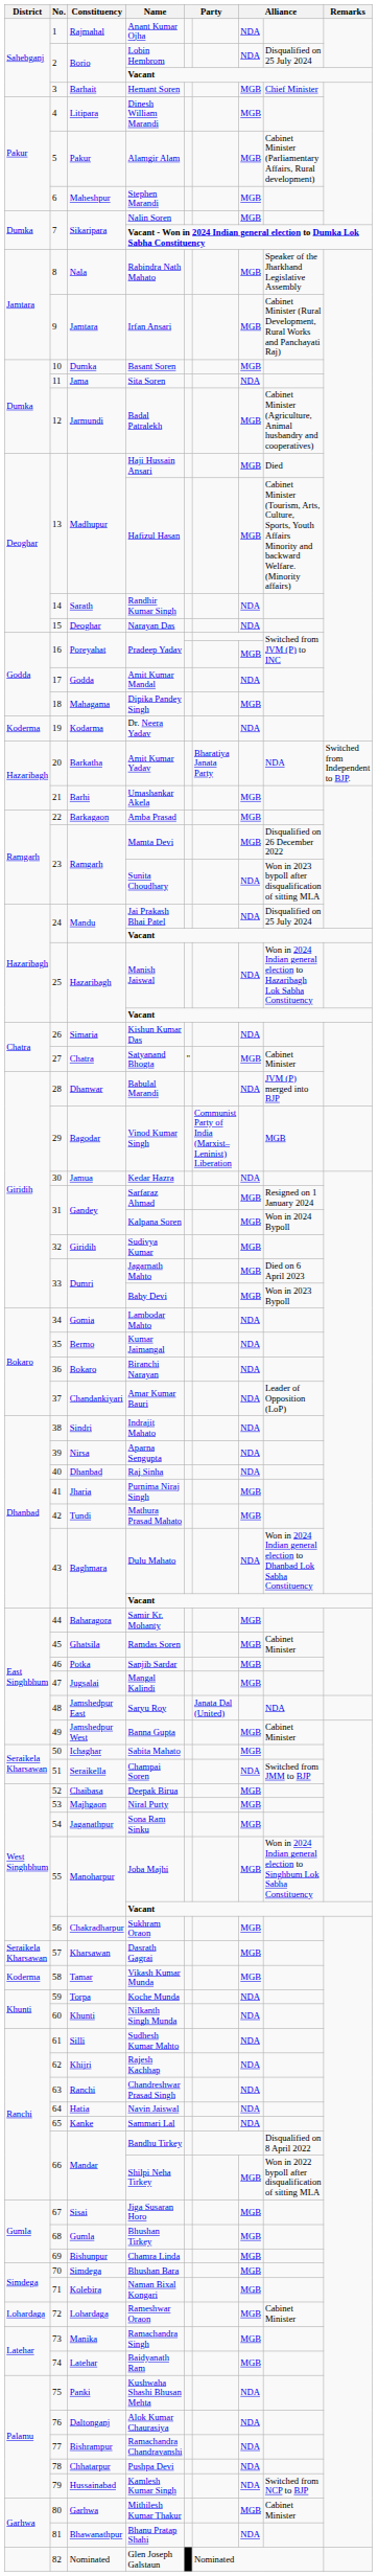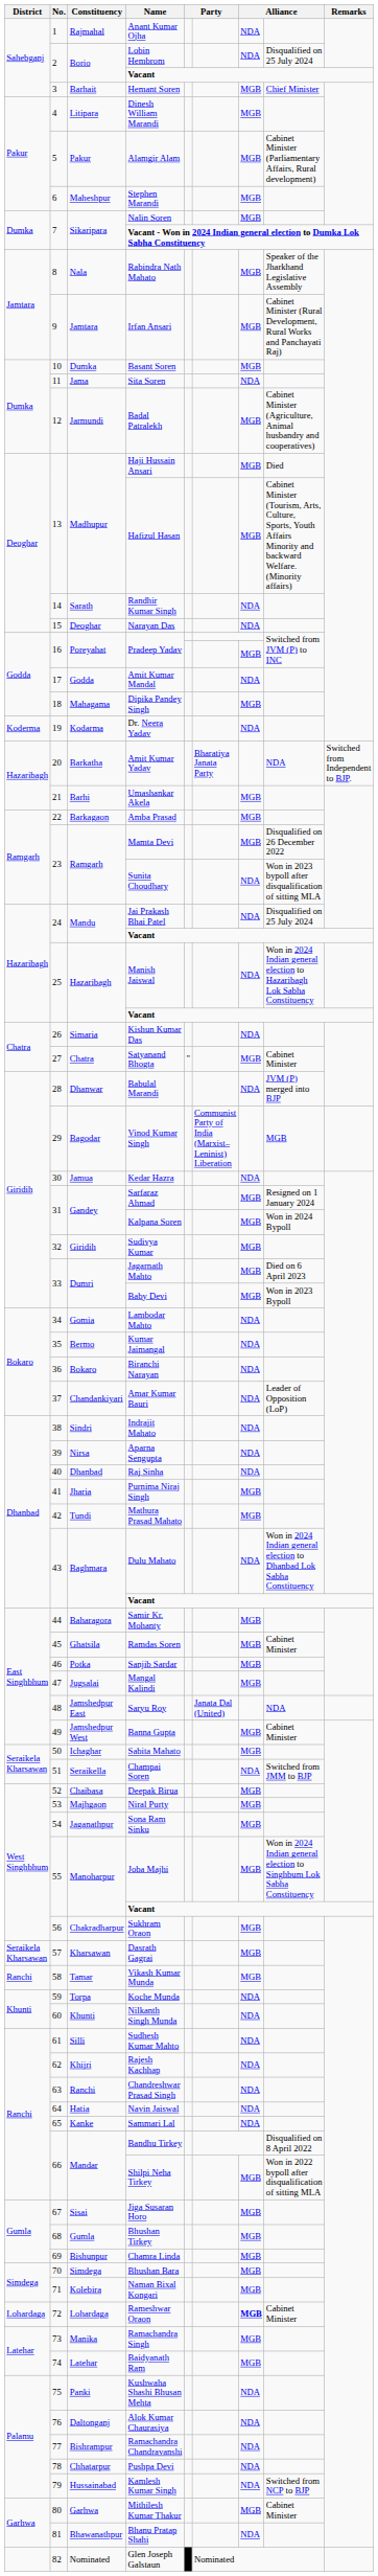 <table class="wikitable sortable">
 <tr>
 <th>District</th>
 <th>No.</th>
 <th>Constituency</th>
 <th>Name</th>
 <th colspan="2">Party</th>
 <th colspan=2>Alliance</th>
 <th>Remarks</th>
 </tr>
 <tr>
 <td rowspan="4"><a href='#'>Sahebganj</a></td>
 <td>1</td>
 <td><a href='#'>Rajmahal</a></td>
 <td><a href='#'>Anant Kumar Ojha</a></td>
 <td></td>
 <td></td>
 <td><a href='#'>NDA</a></td>
 <td></td>
 </tr>
 <tr>
 <td rowspan=2>2</td>
 <td rowspan=2><a href='#'>Borio</a></td>
 <td><a href='#'>Lobin Hembrom</a></td>
 <td></td>
 <td></td>
 <td><a href='#'>NDA</a></td>
 <td>Disqualified on 25 July 2024</td>
 </tr>
 <tr>
 <td Colspan=6><strong>Vacant</strong></td>
 </tr>
 <tr>
 <td>3</td>
 <td><a href='#'>Barhait</a></td>
 <td><a href='#'>Hemant Soren</a></td>
 <td></td>
 <td></td>
 <td><a href='#'>MGB</a></td>
 <td><a href='#'>Chief Minister</a></td>
 </tr>
 <tr>
 <td rowspan="3"><a href='#'>Pakur</a></td>
 <td>4</td>
 <td><a href='#'>Litipara</a></td>
 <td><a href='#'>Dinesh William Marandi</a></td>
 <td></td>
 <td></td>
 <td><a href='#'>MGB</a></td>
 <td></td>
 </tr>
 <tr>
 <td>5</td>
 <td><a href='#'>Pakur</a></td>
 <td><a href='#'>Alamgir Alam</a></td>
 <td></td>
 <td></td>
 <td><a href='#'>MGB</a></td>
 <td>Cabinet Minister (Parliamentary Affairs, Rural development)</td>
 </tr>
 <tr>
 <td>6</td>
 <td><a href='#'>Maheshpur</a></td>
 <td><a href='#'>Stephen Marandi</a></td>
 <td></td>
 <td></td>
 <td><a href='#'>MGB</a></td>
 <td></td>
 </tr>
 <tr>
 <td rowspan="2"><a href='#'>Dumka</a></td>
 <td rowspan=2>7</td>
 <td rowspan=2><a href='#'>Sikaripara</a></td>
 <td><a href='#'>Nalin Soren</a></td>
 <td></td>
 <td></td>
 <td><a href='#'>MGB</a></td>
 <td></td>
 </tr>
 <tr>
 <td Colspan=6><strong>Vacant - Won in <a href='#'>2024 Indian general election</a> to <a href='#'>Dumka Lok Sabha Constituency</a></strong></td>
 </tr>
 <tr>
 <td rowspan="2"><a href='#'>Jamtara</a></td>
 <td>8</td>
 <td><a href='#'>Nala</a></td>
 <td><a href='#'>Rabindra Nath Mahato</a></td>
 <td></td>
 <td></td>
 <td><a href='#'>MGB</a></td>
 <td>Speaker of the Jharkhand Legislative Assembly</td>
 </tr>
 <tr>
 <td>9</td>
 <td><a href='#'>Jamtara</a></td>
 <td><a href='#'>Irfan Ansari</a></td>
 <td></td>
 <td></td>
 <td><a href='#'>MGB</a></td>
 <td>Cabinet Minister (Rural Development, Rural Works and  Panchayati Raj)</td>
 </tr>
 <tr>
 <td rowspan="3"><a href='#'>Dumka</a></td>
 <td>10</td>
 <td><a href='#'>Dumka</a></td>
 <td><a href='#'>Basant Soren</a></td>
 <td></td>
 <td></td>
 <td><a href='#'>MGB</a></td>
 <td></td>
 </tr>
 <tr>
 <td>11</td>
 <td><a href='#'>Jama</a></td>
 <td><a href='#'>Sita Soren</a></td>
 <td></td>
 <td></td>
 <td><a href='#'>NDA</a></td>
 <td></td>
 </tr>
 <tr>
 <td>12</td>
 <td><a href='#'>Jarmundi</a></td>
 <td><a href='#'>Badal Patralekh</a></td>
 <td></td>
 <td></td>
 <td><a href='#'>MGB</a></td>
 <td>Cabinet Minister (Agriculture, Animal husbandry and cooperatives)</td>
 </tr>
 <tr>
 <td rowspan="4"><a href='#'>Deoghar</a></td>
 <td rowspan=2>13</td>
 <td rowspan=2><a href='#'>Madhupur</a></td>
 <td><a href='#'>Haji Hussain Ansari</a></td>
 <td></td>
 <td></td>
 <td><a href='#'>MGB</a></td>
 <td>Died</td>
 </tr>
 <tr>
 <td><a href='#'>Hafizul Hasan</a></td>
 <td></td>
 <td></td>
 <td><a href='#'>MGB</a></td>
 <td>Cabinet Minister (Tourism, Arts, Culture, Sports, Youth Affairs Minority and backward Welfare. (Minority affairs)</td>
 </tr>
 <tr>
 <td>14</td>
 <td><a href='#'>Sarath</a></td>
 <td><a href='#'>Randhir Kumar Singh</a></td>
 <td></td>
 <td></td>
 <td><a href='#'>NDA</a></td>
 <td></td>
 </tr>
 <tr>
 <td>15</td>
 <td><a href='#'>Deoghar</a></td>
 <td><a href='#'>Narayan Das</a></td>
 <td></td>
 <td></td>
 <td><a href='#'>NDA</a></td>
 <td></td>
 </tr>
 <tr>
 <td rowspan="4"><a href='#'>Godda</a></td>
 <td rowspan=2>16</td>
 <td rowspan=2><a href='#'>Poreyahat</a></td>
 <td rowspan=2><a href='#'>Pradeep Yadav</a></td>
 <td></td>
 <td colspan="2"></td>
 <td rowspan=2>Switched from <a href='#'>JVM (P)</a> to <a href='#'>INC</a></td>
 </tr>
 <tr>
 <td></td>
 <td></td>
 <td><a href='#'>MGB</a></td>
 </tr>
 <tr>
 <td>17</td>
 <td><a href='#'>Godda</a></td>
 <td><a href='#'>Amit Kumar Mandal</a></td>
 <td></td>
 <td></td>
 <td><a href='#'>NDA</a></td>
 <td></td>
 </tr>
 <tr>
 <td>18</td>
 <td><a href='#'>Mahagama</a></td>
 <td><a href='#'>Dipika Pandey Singh</a></td>
 <td></td>
 <td></td>
 <td><a href='#'>MGB</a></td>
 <td></td>
 </tr>
 <tr>
 <td><a href='#'>Koderma</a></td>
 <td>19</td>
 <td><a href='#'>Kodarma</a></td>
 <td>Dr. <a href='#'>Neera Yadav</a></td>
 <td></td>
 <td></td>
 <td><a href='#'>NDA</a></td>
 <td></td>
 </tr>
 <tr>
 <td rowspan="2"><a href='#'>Hazaribagh</a></td>
 <td>20</td>
 <td><a href='#'>Barkatha</a></td>
 <td><a href='#'>Amit Kumar Yadav</a></td>
 <td></td>
 <td><a href='#'>Bharatiya Janata Party</a></td>
 <td></td>
 <td><a href='#'>NDA</a></td>
 <td>Switched from Independent to <a href='#'>BJP</a>.</td>
 </tr>
 <tr>
 <td>21</td>
 <td><a href='#'>Barhi</a></td>
 <td><a href='#'>Umashankar Akela</a></td>
 <td></td>
 <td></td>
 <td><a href='#'>MGB</a></td>
 <td></td>
 </tr>
 <tr>
 <td rowspan="3"><a href='#'>Ramgarh</a></td>
 <td>22</td>
 <td><a href='#'>Barkagaon</a></td>
 <td><a href='#'>Amba Prasad</a></td>
 <td></td>
 <td></td>
 <td><a href='#'>MGB</a></td>
 <td></td>
 </tr>
 <tr>
 <td rowspan="2">23</td>
 <td rowspan="2"><a href='#'>Ramgarh</a></td>
 <td><a href='#'>Mamta Devi</a></td>
 <td></td>
 <td></td>
 <td><a href='#'>MGB</a></td>
 <td>Disqualified on 26 December 2022</td>
 </tr>
 <tr>
 <td><a href='#'>Sunita Choudhary</a></td>
 <td></td>
 <td></td>
 <td><a href='#'>NDA</a></td>
 <td>Won in 2023 bypoll after disqualification of sitting MLA</td>
 </tr>
 <tr>
 <td rowspan="4"><a href='#'>Hazaribagh</a></td>
 <td rowspan=2>24</td>
 <td rowspan=2><a href='#'>Mandu</a></td>
 <td><a href='#'>Jai Prakash Bhai Patel</a></td>
 <td></td>
 <td></td>
 <td><a href='#'>NDA</a></td>
 <td>Disqualified on 25 July 2024</td>
 </tr>
 <tr>
 <td Colspan=6><strong>Vacant</strong></td>
 </tr>
 <tr>
 <td rowspan=2>25</td>
 <td rowspan=2><a href='#'>Hazaribagh</a></td>
 <td><a href='#'>Manish Jaiswal</a></td>
 <td></td>
 <td></td>
 <td><a href='#'>NDA</a></td>
 <td>Won in <a href='#'>2024 Indian general election</a> to <a href='#'>Hazaribagh Lok Sabha Constituency</a></td>
 </tr>
 <tr>
 <td Colspan=6><strong>Vacant</strong></td>
 </tr>
 <tr>
 <td rowspan="2"><a href='#'>Chatra</a></td>
 <td>26</td>
 <td><a href='#'>Simaria</a></td>
 <td><a href='#'>Kishun Kumar Das</a></td>
 <td></td>
 <td></td>
 <td><a href='#'>NDA</a></td>
 <td></td>
 </tr>
 <tr>
 <td>27</td>
 <td><a href='#'>Chatra</a></td>
 <td><a href='#'>Satyanand Bhogta</a></td>
 <td>"</td>
 <td></td>
 <td><a href='#'>MGB</a></td>
 <td>Cabinet Minister</td>
 </tr>
 <tr>
 <td rowspan="8"><a href='#'>Giridih</a></td>
 <td>28</td>
 <td><a href='#'>Dhanwar</a></td>
 <td><a href='#'>Babulal Marandi</a></td>
 <td></td>
 <td></td>
 <td><a href='#'>NDA</a></td>
 <td><a href='#'>JVM (P)</a> merged into <a href='#'>BJP</a></td>
 </tr>
 <tr>
 <td>29</td>
 <td><a href='#'>Bagodar</a></td>
 <td><a href='#'>Vinod Kumar Singh</a></td>
 <td></td>
 <td><a href='#'>Communist Party of India (Marxist–Leninist) Liberation</a></td>
 <td></td>
 <td><a href='#'>MGB</a></td>
 <td></td>
 </tr>
 <tr>
 <td>30</td>
 <td><a href='#'>Jamua</a></td>
 <td><a href='#'>Kedar Hazra</a></td>
 <td></td>
 <td></td>
 <td><a href='#'>NDA</a></td>
 <td></td>
 </tr>
 <tr>
 <td rowspan=2>31</td>
 <td rowspan=2><a href='#'>Gandey</a></td>
 <td><a href='#'>Sarfaraz Ahmad</a></td>
 <td></td>
 <td></td>
 <td><a href='#'>MGB</a></td>
 <td>Resigned on 1 January 2024</td>
 </tr>
 <tr>
 <td><a href='#'>Kalpana Soren</a></td>
 <td></td>
 <td></td>
 <td><a href='#'>MGB</a></td>
 <td>Won in 2024 Bypoll</td>
 </tr>
 <tr>
 <td>32</td>
 <td><a href='#'>Giridih</a></td>
 <td><a href='#'>Sudivya Kumar</a></td>
 <td></td>
 <td></td>
 <td><a href='#'>MGB</a></td>
 <td></td>
 </tr>
 <tr>
 <td rowspan="2">33</td>
 <td rowspan="2"><a href='#'>Dumri</a></td>
 <td><a href='#'>Jagarnath Mahto</a></td>
 <td></td>
 <td></td>
 <td><a href='#'>MGB</a></td>
 <td>Died on 6 April 2023</td>
 </tr>
 <tr>
 <td><a href='#'>Baby Devi</a></td>
 <td></td>
 <td></td>
 <td><a href='#'>MGB</a></td>
 <td>Won in 2023 Bypoll</td>
 </tr>
 <tr>
 <td rowspan="4"><a href='#'>Bokaro</a></td>
 <td>34</td>
 <td><a href='#'>Gomia</a></td>
 <td><a href='#'>Lambodar Mahto</a></td>
 <td></td>
 <td></td>
 <td><a href='#'>NDA</a></td>
 <td></td>
 </tr>
 <tr>
 <td>35</td>
 <td><a href='#'>Bermo</a></td>
 <td><a href='#'>Kumar Jaimangal</a></td>
 <td></td>
 <td></td>
 <td><a href='#'>NDA</a></td>
 <td></td>
 </tr>
 <tr>
 <td>36</td>
 <td><a href='#'>Bokaro</a></td>
 <td><a href='#'>Biranchi Narayan</a></td>
 <td></td>
 <td></td>
 <td><a href='#'>NDA</a></td>
 <td></td>
 </tr>
 <tr>
 <td>37</td>
 <td><a href='#'>Chandankiyari</a></td>
 <td><a href='#'>Amar Kumar Bauri</a></td>
 <td></td>
 <td></td>
 <td><a href='#'>NDA</a></td>
 <td>Leader of Opposition (LoP)</td>
 </tr>
 <tr>
 <td rowspan="7"><a href='#'>Dhanbad</a></td>
 <td>38</td>
 <td><a href='#'>Sindri</a></td>
 <td><a href='#'>Indrajit Mahato</a></td>
 <td></td>
 <td></td>
 <td><a href='#'>NDA</a></td>
 <td></td>
 </tr>
 <tr>
 <td>39</td>
 <td><a href='#'>Nirsa</a></td>
 <td><a href='#'>Aparna Sengupta</a></td>
 <td></td>
 <td></td>
 <td><a href='#'>NDA</a></td>
 <td></td>
 </tr>
 <tr>
 <td>40</td>
 <td><a href='#'>Dhanbad</a></td>
 <td><a href='#'>Raj Sinha</a></td>
 <td></td>
 <td></td>
 <td><a href='#'>NDA</a></td>
 <td></td>
 </tr>
 <tr>
 <td>41</td>
 <td><a href='#'>Jharia</a></td>
 <td><a href='#'>Purnima Niraj Singh</a></td>
 <td></td>
 <td></td>
 <td><a href='#'>MGB</a></td>
 <td></td>
 </tr>
 <tr>
 <td>42</td>
 <td><a href='#'>Tundi</a></td>
 <td><a href='#'>Mathura Prasad Mahato</a></td>
 <td></td>
 <td></td>
 <td><a href='#'>MGB</a></td>
 <td></td>
 </tr>
 <tr>
 <td rowspan=2>43</td>
 <td rowspan=2><a href='#'>Baghmara</a></td>
 <td><a href='#'>Dulu Mahato</a></td>
 <td></td>
 <td></td>
 <td><a href='#'>NDA</a></td>
 <td>Won in <a href='#'>2024 Indian general election</a> to <a href='#'>Dhanbad Lok Sabha Constituency</a></td>
 </tr>
 <tr>
 <td Colspan=6><strong>Vacant</strong></td>
 </tr>
 <tr>
 <td rowspan="6"><a href='#'>East Singhbhum</a></td>
 <td>44</td>
 <td><a href='#'>Baharagora</a></td>
 <td><a href='#'>Samir Kr. Mohanty</a></td>
 <td></td>
 <td></td>
 <td><a href='#'>MGB</a></td>
 <td></td>
 </tr>
 <tr>
 <td>45</td>
 <td><a href='#'>Ghatsila</a></td>
 <td><a href='#'>Ramdas Soren</a></td>
 <td></td>
 <td></td>
 <td><a href='#'>MGB</a></td>
 <td>Cabinet Minister</td>
 </tr>
 <tr>
 <td>46</td>
 <td><a href='#'>Potka</a></td>
 <td><a href='#'>Sanjib Sardar</a></td>
 <td></td>
 <td></td>
 <td><a href='#'>MGB</a></td>
 <td></td>
 </tr>
 <tr>
 <td>47</td>
 <td><a href='#'>Jugsalai</a></td>
 <td><a href='#'>Mangal Kalindi</a></td>
 <td></td>
 <td></td>
 <td><a href='#'>MGB</a></td>
 <td></td>
 </tr>
 <tr>
 <td>48</td>
 <td><a href='#'>Jamshedpur East</a></td>
 <td><a href='#'>Saryu Roy</a></td>
 <td></td>
 <td><a href='#'>Janata Dal (United)</a></td>
 <td></td>
 <td><a href='#'>NDA</a></td>
 <td></td>
 </tr>
 <tr>
 <td>49</td>
 <td><a href='#'>Jamshedpur West</a></td>
 <td><a href='#'>Banna Gupta</a></td>
 <td></td>
 <td></td>
 <td><a href='#'>MGB</a></td>
 <td>Cabinet Minister</td>
 </tr>
 <tr>
 <td rowspan="2"><a href='#'>Seraikela Kharsawan</a></td>
 <td>50</td>
 <td><a href='#'>Ichaghar</a></td>
 <td><a href='#'>Sabita Mahato</a></td>
 <td></td>
 <td></td>
 <td><a href='#'>MGB</a></td>
 <td></td>
 </tr>
 <tr>
 <td>51</td>
 <td><a href='#'>Seraikella</a></td>
 <td><a href='#'>Champai Soren</a></td>
 <td></td>
 <td></td>
 <td><a href='#'>NDA</a></td>
 <td>Switched from <a href='#'>JMM</a> to <a href='#'>BJP</a></td>
 </tr>
 <tr>
 <td rowspan="6"><a href='#'>West Singhbhum</a></td>
 <td>52</td>
 <td><a href='#'>Chaibasa</a></td>
 <td><a href='#'>Deepak Birua</a></td>
 <td></td>
 <td></td>
 <td><a href='#'>MGB</a></td>
 <td></td>
 </tr>
 <tr>
 <td>53</td>
 <td><a href='#'>Majhgaon</a></td>
 <td><a href='#'>Niral Purty</a></td>
 <td></td>
 <td></td>
 <td><a href='#'>MGB</a></td>
 <td></td>
 </tr>
 <tr>
 <td>54</td>
 <td><a href='#'>Jaganathpur</a></td>
 <td><a href='#'>Sona Ram Sinku</a></td>
 <td></td>
 <td></td>
 <td><a href='#'>MGB</a></td>
 <td></td>
 </tr>
 <tr>
 <td rowspan=2>55</td>
 <td rowspan=2><a href='#'>Manoharpur</a></td>
 <td><a href='#'>Joba Majhi</a></td>
 <td></td>
 <td></td>
 <td><a href='#'>MGB</a></td>
 <td>Won in <a href='#'>2024 Indian general election</a> to <a href='#'>Singhbum Lok Sabha Constituency</a></td>
 </tr>
 <tr>
 <td Colspan=6><strong>Vacant</strong></td>
 </tr>
 <tr>
 <td>56</td>
 <td><a href='#'>Chakradharpur</a></td>
 <td><a href='#'>Sukhram Oraon</a></td>
 <td></td>
 <td></td>
 <td><a href='#'>MGB</a></td>
 <td></td>
 </tr>
 <tr>
 <td><a href='#'>Seraikela Kharsawan</a></td>
 <td>57</td>
 <td><a href='#'>Kharsawan</a></td>
 <td><a href='#'>Dasrath Gagrai</a></td>
 <td></td>
 <td></td>
 <td><a href='#'>MGB</a></td>
 <td></td>
 </tr>
 <tr>
-<td><a href='#'>Koderma</a></td>
+<td><a href='#'>Ranchi</a></td>
 <td>58</td>
 <td><a href='#'>Tamar</a></td>
 <td><a href='#'>Vikash Kumar Munda</a></td>
 <td></td>
 <td></td>
 <td><a href='#'>MGB</a></td>
 <td></td>
 </tr>
 <tr>
 <td rowspan="2"><a href='#'>Khunti</a></td>
 <td>59</td>
 <td><a href='#'>Torpa</a></td>
 <td><a href='#'>Koche Munda</a></td>
 <td></td>
 <td></td>
 <td><a href='#'>NDA</a></td>
 <td></td>
 </tr>
 <tr>
 <td>60</td>
 <td><a href='#'>Khunti</a></td>
 <td><a href='#'>Nilkanth Singh Munda</a></td>
 <td></td>
 <td></td>
 <td><a href='#'>NDA</a></td>
 <td></td>
 </tr>
 <tr>
 <td rowspan="7"><a href='#'>Ranchi</a></td>
 <td>61</td>
 <td><a href='#'>Silli</a></td>
 <td><a href='#'>Sudhesh Kumar Mahto</a></td>
 <td></td>
 <td></td>
 <td><a href='#'>NDA</a></td>
 <td></td>
 </tr>
 <tr>
 <td>62</td>
 <td><a href='#'>Khijri</a></td>
 <td><a href='#'>Rajesh Kachhap</a></td>
 <td></td>
 <td></td>
 <td><a href='#'>NDA</a></td>
 <td></td>
 </tr>
 <tr>
 <td>63</td>
 <td><a href='#'>Ranchi</a></td>
 <td><a href='#'>Chandreshwar Prasad Singh</a></td>
 <td></td>
 <td></td>
 <td><a href='#'>NDA</a></td>
 <td></td>
 </tr>
 <tr>
 <td>64</td>
 <td><a href='#'>Hatia</a></td>
 <td><a href='#'>Navin Jaiswal</a></td>
 <td></td>
 <td></td>
 <td><a href='#'>NDA</a></td>
 <td></td>
 </tr>
 <tr>
 <td>65</td>
 <td><a href='#'>Kanke</a></td>
 <td><a href='#'>Sammari Lal</a></td>
 <td></td>
 <td></td>
 <td><a href='#'>NDA</a></td>
 <td></td>
 </tr>
 <tr>
 <td rowspan=2>66</td>
 <td rowspan=2><a href='#'>Mandar</a></td>
 <td><a href='#'>Bandhu Tirkey</a></td>
 <td></td>
 <td colspan="2"></td>
 <td>Disqualified on 8 April 2022</td>
 </tr>
 <tr>
 <td><a href='#'>Shilpi Neha Tirkey</a></td>
 <td></td>
 <td></td>
 <td><a href='#'>MGB</a></td>
 <td>Won in 2022 bypoll after disqualification of sitting MLA</td>
 </tr>
 <tr>
 <td rowspan="3"><a href='#'>Gumla</a></td>
 <td>67</td>
 <td><a href='#'>Sisai</a></td>
 <td><a href='#'>Jiga Susaran Horo</a></td>
 <td></td>
 <td></td>
 <td><a href='#'>MGB</a></td>
 <td></td>
 </tr>
 <tr>
 <td>68</td>
 <td><a href='#'>Gumla</a></td>
 <td><a href='#'>Bhushan Tirkey</a></td>
 <td></td>
 <td></td>
 <td><a href='#'>MGB</a></td>
 <td></td>
 </tr>
 <tr>
 <td>69</td>
 <td><a href='#'>Bishunpur</a></td>
 <td><a href='#'>Chamra Linda</a></td>
 <td></td>
 <td></td>
 <td><a href='#'>MGB</a></td>
 <td></td>
 </tr>
 <tr>
 <td rowspan="2"><a href='#'>Simdega</a></td>
 <td>70</td>
 <td><a href='#'>Simdega</a></td>
 <td><a href='#'>Bhushan Bara</a></td>
 <td></td>
 <td></td>
 <td><a href='#'>MGB</a></td>
 <td></td>
 </tr>
 <tr>
 <td>71</td>
 <td><a href='#'>Kolebira</a></td>
 <td><a href='#'>Naman Bixal Kongari</a></td>
 <td></td>
 <td></td>
 <td><a href='#'>MGB</a></td>
 <td></td>
 </tr>
 <tr>
 <td><a href='#'>Lohardaga</a></td>
 <td>72</td>
 <td><a href='#'>Lohardaga</a></td>
 <td><a href='#'>Rameshwar Oraon</a></td>
 <td></td>
 <td></td>
-<td><a href='#'>MGB</a></td>
+<td><strong><a href='#'>MGB</a></strong></td>
 <td>Cabinet Minister</td>
 </tr>
 <tr>
 <td rowspan="2"><a href='#'>Latehar</a></td>
 <td>73</td>
 <td><a href='#'>Manika</a></td>
 <td><a href='#'>Ramachandra Singh</a></td>
 <td></td>
 <td></td>
 <td><a href='#'>MGB</a></td>
 <td></td>
 </tr>
 <tr>
 <td>74</td>
 <td><a href='#'>Latehar</a></td>
 <td><a href='#'>Baidyanath Ram</a></td>
 <td></td>
 <td></td>
 <td><a href='#'>MGB</a></td>
 <td></td>
 </tr>
 <tr>
 <td rowspan="5"><a href='#'>Palamu</a></td>
 <td>75</td>
 <td><a href='#'>Panki</a></td>
 <td><a href='#'>Kushwaha Shashi Bhusan Mehta</a></td>
 <td></td>
 <td></td>
 <td><a href='#'>NDA</a></td>
 <td></td>
 </tr>
 <tr>
 <td>76</td>
 <td><a href='#'>Daltonganj</a></td>
 <td><a href='#'>Alok Kumar Chaurasiya</a></td>
 <td></td>
 <td></td>
 <td><a href='#'>NDA</a></td>
 <td></td>
 </tr>
 <tr>
 <td>77</td>
 <td><a href='#'>Bishrampur</a></td>
 <td><a href='#'>Ramachandra Chandravanshi</a></td>
 <td></td>
 <td></td>
 <td><a href='#'>NDA</a></td>
 <td></td>
 </tr>
 <tr>
 <td>78</td>
 <td><a href='#'>Chhatarpur</a></td>
 <td><a href='#'>Pushpa Devi</a></td>
 <td></td>
 <td></td>
 <td><a href='#'>NDA</a></td>
 <td></td>
 </tr>
 <tr>
 <td>79</td>
 <td><a href='#'>Hussainabad</a></td>
 <td><a href='#'>Kamlesh Kumar Singh</a></td>
 <td></td>
 <td></td>
 <td><a href='#'>NDA</a></td>
 <td>Switched from <a href='#'>NCP</a> to <a href='#'>BJP</a></td>
 </tr>
 <tr>
 <td rowspan="2"><a href='#'>Garhwa</a></td>
 <td>80</td>
 <td><a href='#'>Garhwa</a></td>
 <td><a href='#'>Mithilesh Kumar Thakur</a></td>
 <td></td>
 <td></td>
 <td><a href='#'>MGB</a></td>
 <td>Cabinet Minister</td>
 </tr>
 <tr>
 <td>81</td>
 <td><a href='#'>Bhawanathpur</a></td>
 <td><a href='#'>Bhanu Pratap Shahi</a></td>
 <td></td>
 <td></td>
 <td><a href='#'>NDA</a></td>
 <td></td>
 </tr>
 <tr>
 <td></td>
 <td>82</td>
 <td>Nominated</td>
 <td>Glen Joseph Galstaun</td>
 <td bgcolor=#000000></td>
 <td colspan=3>Nominated</td>
 <td></td>
 </tr>
 </table>
